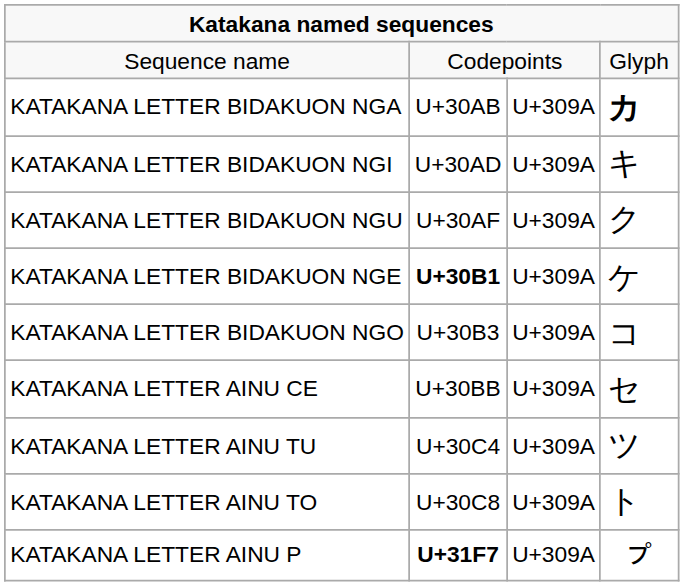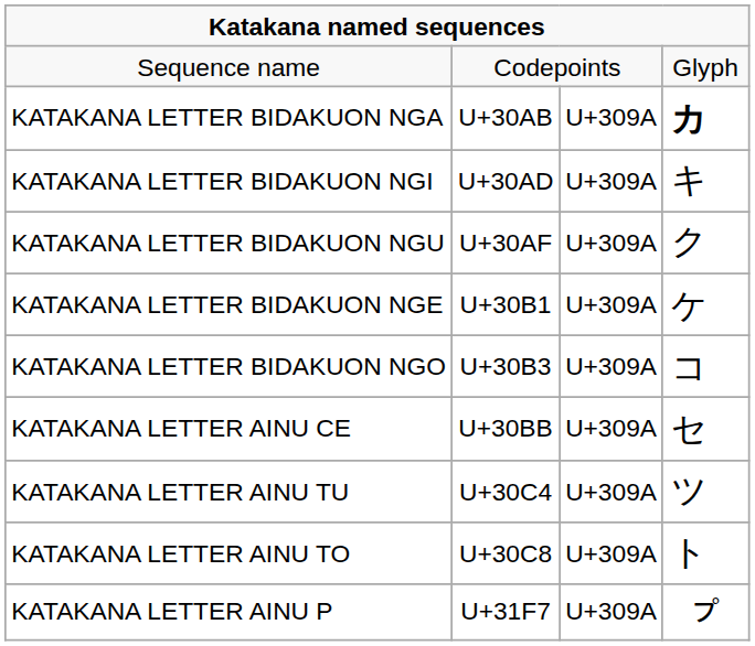 <table class="wikitable nounderlines" style="border-collapse:collapse;background:#FFFFFF;font-size:large;text-align:center">
 <tr>
 <td colspan="17" style="background:#F8F8F8;font-size:small"><strong>Katakana named sequences</strong><br></td>
 </tr>
 <tr style="background:#F8F8F8;font-size:small">
 <td>Sequence name</td>
 <td colspan="2" style="width:20pt">Codepoints</td>
 <td style="width:20pt">Glyph</td>
 </tr>
 <tr>
 <td style="text-align:left;font-size:small;">KATAKANA LETTER BIDAKUON NGA</td>
 <td style="font-size:small;">U+30AB</td>
 <td style="font-size:small;">U+309A</td>
 <td><strong>カ゚</strong></td>
 </tr>
 <tr>
 <td style="text-align:left;font-size:small;">KATAKANA LETTER BIDAKUON NGI</td>
 <td style="font-size:small;">U+30AD</td>
 <td style="font-size:small;">U+309A</td>
 <td>キ゚</td>
 </tr>
 <tr>
 <td style="text-align:left;font-size:small;">KATAKANA LETTER BIDAKUON NGU</td>
 <td style="font-size:small;">U+30AF</td>
 <td style="font-size:small;">U+309A</td>
 <td>ク゚</td>
 </tr>
 <tr>
 <td style="text-align:left;font-size:small;">KATAKANA LETTER BIDAKUON NGE</td>
-<td style="font-size:small;"><strong>U+30B1</strong></td>
+<td style="font-size:small;">U+30B1</td>
 <td style="font-size:small;">U+309A</td>
 <td>ケ゚</td>
 </tr>
 <tr>
 <td style="text-align:left;font-size:small;">KATAKANA LETTER BIDAKUON NGO</td>
 <td style="font-size:small;">U+30B3</td>
 <td style="font-size:small;">U+309A</td>
 <td>コ゚</td>
 </tr>
 <tr>
 <td style="text-align:left;font-size:small;">KATAKANA LETTER AINU CE</td>
 <td style="font-size:small;">U+30BB</td>
 <td style="font-size:small;">U+309A</td>
 <td>セ゚</td>
 </tr>
 <tr>
 <td style="text-align:left;font-size:small;">KATAKANA LETTER AINU TU</td>
 <td style="font-size:small;">U+30C4</td>
 <td style="font-size:small;">U+309A</td>
 <td>ツ゚</td>
 </tr>
 <tr>
 <td style="text-align:left;font-size:small;">KATAKANA LETTER AINU TO</td>
 <td style="font-size:small;">U+30C8</td>
 <td style="font-size:small;">U+309A</td>
 <td>ト゚</td>
 </tr>
 <tr>
 <td style="text-align:left;font-size:small;">KATAKANA LETTER AINU P</td>
-<td style="font-size:small;"><strong>U+31F7</strong></td>
+<td style="font-size:small;">U+31F7</td>
 <td style="font-size:small;">U+309A</td>
 <td>ㇷ゚</td>
 </tr>
 </table>
